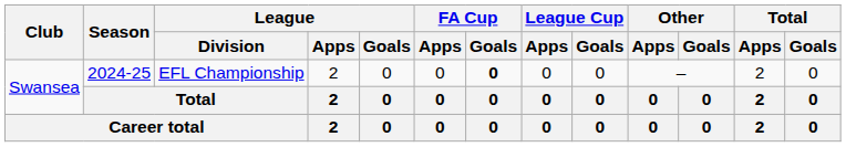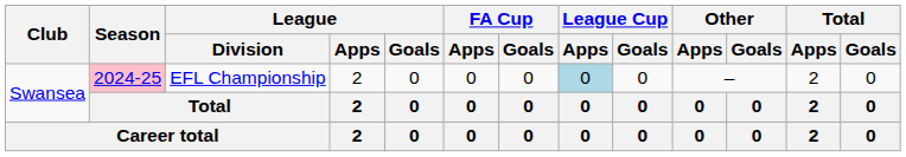 <table class="wikitable" style="text-align: center">
 <tr>
 <th rowspan="2">Club</th>
 <th rowspan="2">Season</th>
 <th colspan="3">League</th>
 <th colspan="2"><a href='#'>FA Cup</a></th>
 <th colspan="2"><a href='#'>League Cup</a></th>
 <th colspan="2">Other</th>
 <th colspan="2">Total</th>
 </tr>
 <tr>
 <th>Division</th>
 <th>Apps</th>
 <th>Goals</th>
 <th>Apps</th>
 <th>Goals</th>
 <th>Apps</th>
 <th>Goals</th>
 <th>Apps</th>
 <th>Goals</th>
 <th>Apps</th>
 <th>Goals</th>
 </tr>
 <tr>
 <td rowspan=2><a href='#'>Swansea</a></td>
-<td><a href='#'>2024-25</a></td>
+<td style="background: pink;"><a href='#'>2024-25</a></td>
 <td><a href='#'>EFL Championship</a></td>
 <td>2</td>
 <td>0</td>
 <td>0</td>
-<td><strong>0</strong></td>
 <td>0</td>
+<td style="background: lightblue;">0</td>
 <td>0</td>
 <td colspan="2">–</td>
 <td>2</td>
 <td>0</td>
 </tr>
 <tr>
 <th colspan="2">Total</th>
 <th>2</th>
 <th>0</th>
 <th>0</th>
 <th>0</th>
 <th>0</th>
 <th>0</th>
 <th>0</th>
 <th>0</th>
 <th>2</th>
 <th>0</th>
 </tr>
 <tr>
 <th colspan="3">Career total</th>
 <th>2</th>
 <th>0</th>
 <th>0</th>
 <th>0</th>
 <th>0</th>
 <th>0</th>
 <th>0</th>
 <th>0</th>
 <th>2</th>
 <th>0</th>
 </tr>
 </table>
